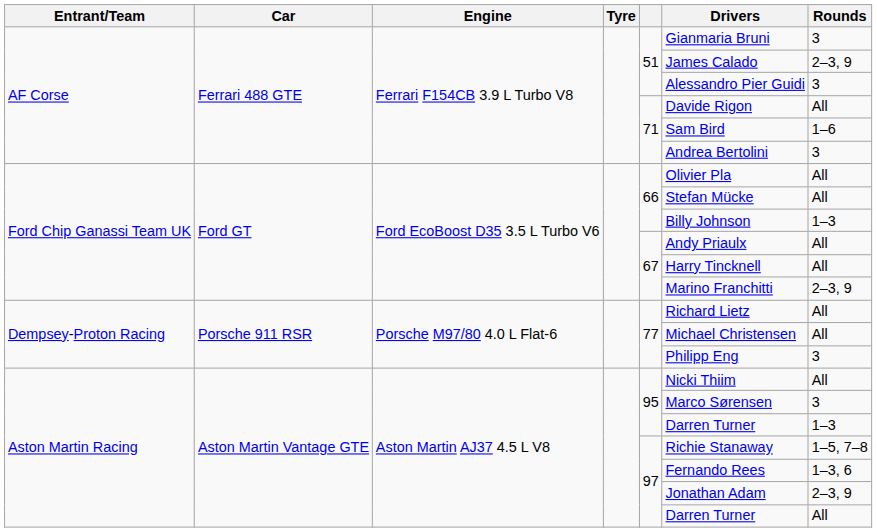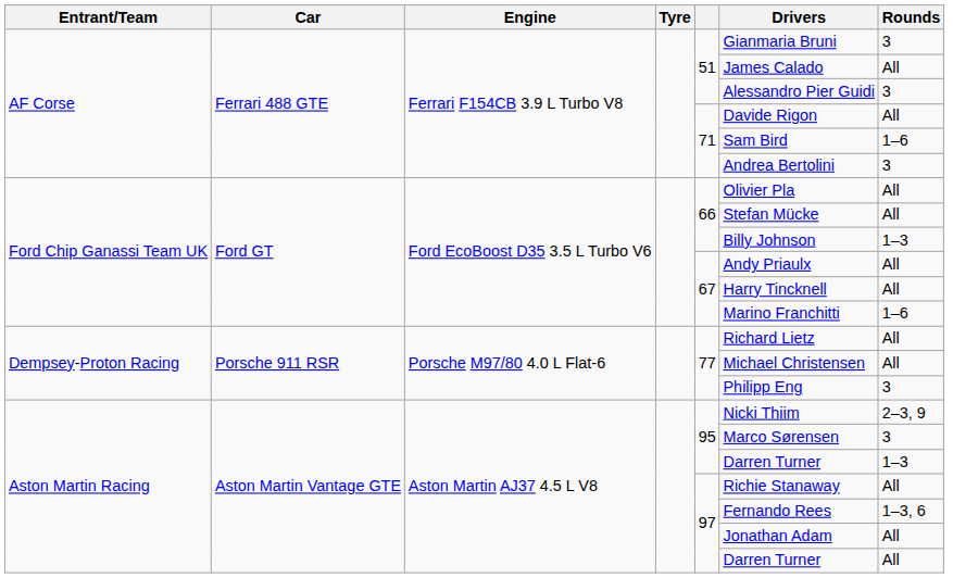 <table class="wikitable" style="font-size: 85%">
 <tr>
 <th>Entrant/Team</th>
 <th>Car</th>
 <th>Engine</th>
 <th>Tyre</th>
 <th></th>
 <th>Drivers</th>
 <th>Rounds</th>
 </tr>
 <tr>
 <td rowspan=6> <a href='#'>AF Corse</a></td>
 <td rowspan=6><a href='#'>Ferrari 488 GTE</a></td>
 <td rowspan=6><a href='#'>Ferrari</a> <a href='#'>F154CB</a> 3.9 L Turbo V8</td>
 <td rowspan=6></td>
 <td rowspan=3>51</td>
 <td> <a href='#'>Gianmaria Bruni</a></td>
 <td>3</td>
 </tr>
 <tr>
 <td> <a href='#'>James Calado</a></td>
-<td>2–3, 9</td>
+<td>All</td>
 </tr>
 <tr>
 <td> <a href='#'>Alessandro Pier Guidi</a></td>
 <td>3</td>
 </tr>
 <tr>
 <td rowspan=3>71</td>
 <td> <a href='#'>Davide Rigon</a></td>
 <td>All</td>
 </tr>
 <tr>
 <td> <a href='#'>Sam Bird</a></td>
 <td>1–6</td>
 </tr>
 <tr>
 <td> <a href='#'>Andrea Bertolini</a></td>
 <td>3</td>
 </tr>
 <tr>
 <td rowspan=6> <a href='#'>Ford Chip Ganassi Team UK</a></td>
 <td rowspan=6><a href='#'>Ford GT</a></td>
 <td rowspan=6><a href='#'>Ford EcoBoost D35</a> 3.5 L Turbo V6</td>
 <td rowspan=6></td>
 <td rowspan=3>66</td>
 <td> <a href='#'>Olivier Pla</a></td>
 <td>All</td>
 </tr>
 <tr>
 <td> <a href='#'>Stefan Mücke</a></td>
 <td>All</td>
 </tr>
 <tr>
 <td> <a href='#'>Billy Johnson</a></td>
 <td>1–3</td>
 </tr>
 <tr>
 <td rowspan=3>67</td>
 <td> <a href='#'>Andy Priaulx</a></td>
 <td>All</td>
 </tr>
 <tr>
 <td> <a href='#'>Harry Tincknell</a></td>
 <td>All</td>
 </tr>
 <tr>
 <td> <a href='#'>Marino Franchitti</a></td>
-<td>2–3, 9</td>
+<td>1–6</td>
 </tr>
 <tr>
 <td rowspan=3> <a href='#'>Dempsey</a>-<a href='#'>Proton Racing</a></td>
 <td rowspan=3><a href='#'>Porsche 911 RSR</a></td>
 <td rowspan=3><a href='#'>Porsche</a> <a href='#'>M97/80</a> 4.0 L Flat-6</td>
 <td rowspan=3></td>
 <td rowspan=3>77</td>
 <td> <a href='#'>Richard Lietz</a></td>
 <td>All</td>
 </tr>
 <tr>
 <td> <a href='#'>Michael Christensen</a></td>
 <td>All</td>
 </tr>
 <tr>
 <td> <a href='#'>Philipp Eng</a></td>
 <td>3</td>
 </tr>
 <tr>
 <td rowspan=7> <a href='#'>Aston Martin Racing</a></td>
 <td rowspan=7><a href='#'>Aston Martin Vantage GTE</a></td>
 <td rowspan=7><a href='#'>Aston Martin</a> <a href='#'>AJ37</a> 4.5 L V8</td>
 <td rowspan=7></td>
 <td rowspan=3>95</td>
 <td> <a href='#'>Nicki Thiim</a></td>
-<td>All</td>
+<td>2–3, 9</td>
 </tr>
 <tr>
 <td> <a href='#'>Marco Sørensen</a></td>
 <td>3</td>
 </tr>
 <tr>
 <td> <a href='#'>Darren Turner</a></td>
 <td>1–3</td>
 </tr>
 <tr>
 <td rowspan=4>97</td>
 <td> <a href='#'>Richie Stanaway</a></td>
-<td>1–5, 7–8</td>
+<td>All</td>
 </tr>
 <tr>
 <td> <a href='#'>Fernando Rees</a></td>
 <td>1–3, 6</td>
 </tr>
 <tr>
 <td> <a href='#'>Jonathan Adam</a></td>
-<td>2–3, 9</td>
+<td>All</td>
 </tr>
 <tr>
 <td> <a href='#'>Darren Turner</a></td>
 <td>All</td>
 </tr>
 </table>
